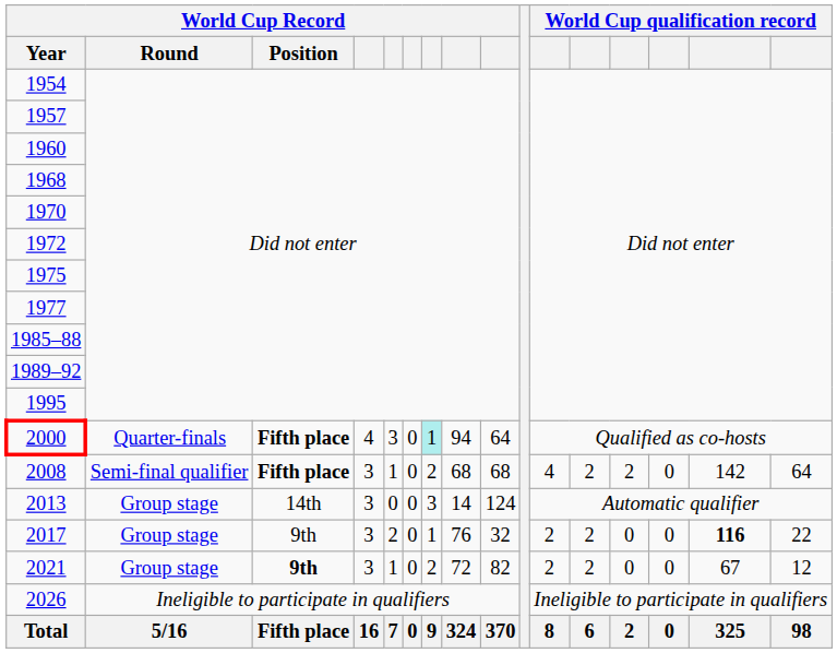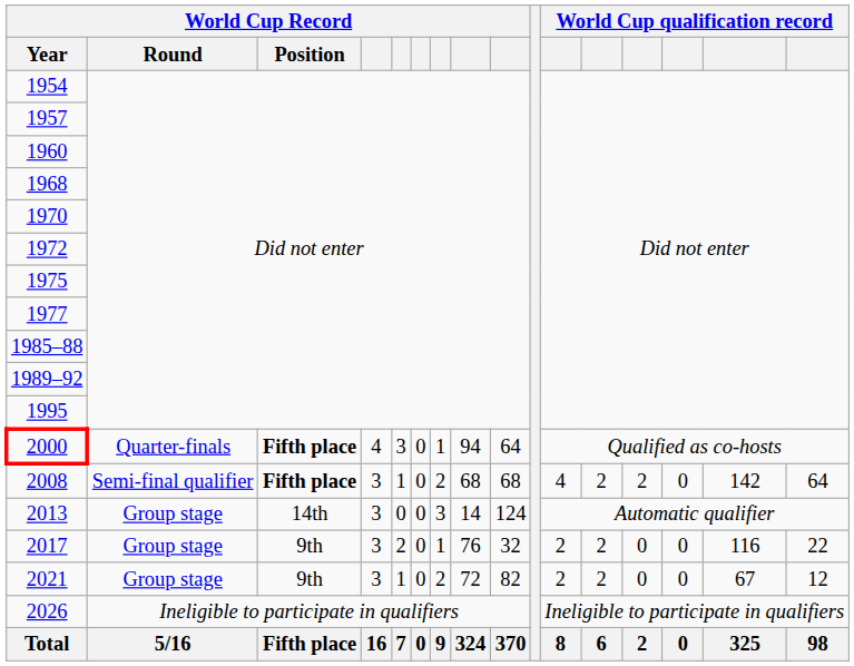 <table class="wikitable" style="text-align: center;">
 <tr>
 <th colspan="9"><a href='#'>World Cup Record</a></th>
 <th rowspan="20"></th>
 <th colspan="6"><a href='#'>World Cup qualification record</a></th>
 </tr>
 <tr>
 <th>Year</th>
 <th>Round</th>
 <th>Position</th>
 <th></th>
 <th></th>
 <th></th>
 <th></th>
 <th></th>
 <th></th>
 <th></th>
 <th></th>
 <th></th>
 <th></th>
 <th></th>
 <th></th>
 </tr>
 <tr>
 <td> <a href='#'>1954</a></td>
 <td rowspan="11" colspan="8"><em>Did not enter</em></td>
 <td rowspan="11" colspan="6"><em>Did not enter</em></td>
 </tr>
 <tr>
 <td> <a href='#'>1957</a></td>
 </tr>
 <tr>
 <td> <a href='#'>1960</a></td>
 </tr>
 <tr>
 <td> <a href='#'>1968</a></td>
 </tr>
 <tr>
 <td> <a href='#'>1970</a></td>
 </tr>
 <tr>
 <td> <a href='#'>1972</a></td>
 </tr>
 <tr>
 <td><a href='#'>1975</a></td>
 </tr>
 <tr>
 <td> <a href='#'>1977</a></td>
 </tr>
 <tr>
 <td><a href='#'>1985–88</a></td>
 </tr>
 <tr>
 <td><a href='#'>1989–92</a></td>
 </tr>
 <tr>
 <td> <a href='#'>1995</a></td>
 </tr>
 <tr>
 <td style="border: 3px solid red">   <a href='#'>2000</a></td>
 <td><a href='#'>Quarter-finals</a></td>
 <td><strong>Fifth place</strong></td>
 <td>4</td>
 <td>3</td>
 <td>0</td>
-<td style="background: paleturquoise;">1</td>
+<td>1</td>
 <td>94</td>
 <td>64</td>
 <td colspan="6"><em>Qualified as co-hosts</em></td>
 </tr>
 <tr>
 <td> <a href='#'>2008</a></td>
 <td><a href='#'>Semi-final qualifier</a></td>
 <td><strong>Fifth place</strong></td>
 <td>3</td>
 <td>1</td>
 <td>0</td>
 <td>2</td>
 <td>68</td>
 <td>68</td>
 <td>4</td>
 <td>2</td>
 <td>2</td>
 <td>0</td>
 <td>142</td>
 <td>64</td>
 </tr>
 <tr>
 <td><a href='#'>2013</a></td>
 <td><a href='#'>Group stage</a></td>
 <td>14th</td>
 <td>3</td>
 <td>0</td>
 <td>0</td>
 <td>3</td>
 <td>14</td>
 <td>124</td>
 <td colspan="6"><em>Automatic qualifier</em></td>
 </tr>
 <tr>
 <td> <a href='#'>2017</a></td>
 <td><a href='#'>Group stage</a></td>
 <td>9th</td>
 <td>3</td>
 <td>2</td>
 <td>0</td>
 <td>1</td>
 <td>76</td>
 <td>32</td>
 <td>2</td>
 <td>2</td>
 <td>0</td>
 <td>0</td>
-<td><strong>116</strong></td>
+<td>116</td>
 <td>22</td>
 </tr>
 <tr>
 <td> <a href='#'>2021</a></td>
 <td><a href='#'>Group stage</a></td>
-<td><strong>9th</strong></td>
+<td>9th</td>
 <td>3</td>
 <td>1</td>
 <td>0</td>
 <td>2</td>
 <td>72</td>
 <td>82</td>
 <td>2</td>
 <td>2</td>
 <td>0</td>
 <td>0</td>
 <td>67</td>
 <td>12</td>
 </tr>
 <tr>
 <td> <a href='#'>2026</a></td>
 <td colspan="8"><em>Ineligible to participate in qualifiers</em></td>
 <td colspan="6"><em>Ineligible to participate in qualifiers</em></td>
 </tr>
 <tr>
 <th>Total</th>
 <th>5/16</th>
 <th>Fifth place</th>
 <th>16</th>
 <th>7</th>
 <th>0</th>
 <th>9</th>
 <th>324</th>
 <th>370</th>
 <th>8</th>
 <th>6</th>
 <th>2</th>
 <th>0</th>
 <th>325</th>
 <th>98</th>
 </tr>
 </table>
